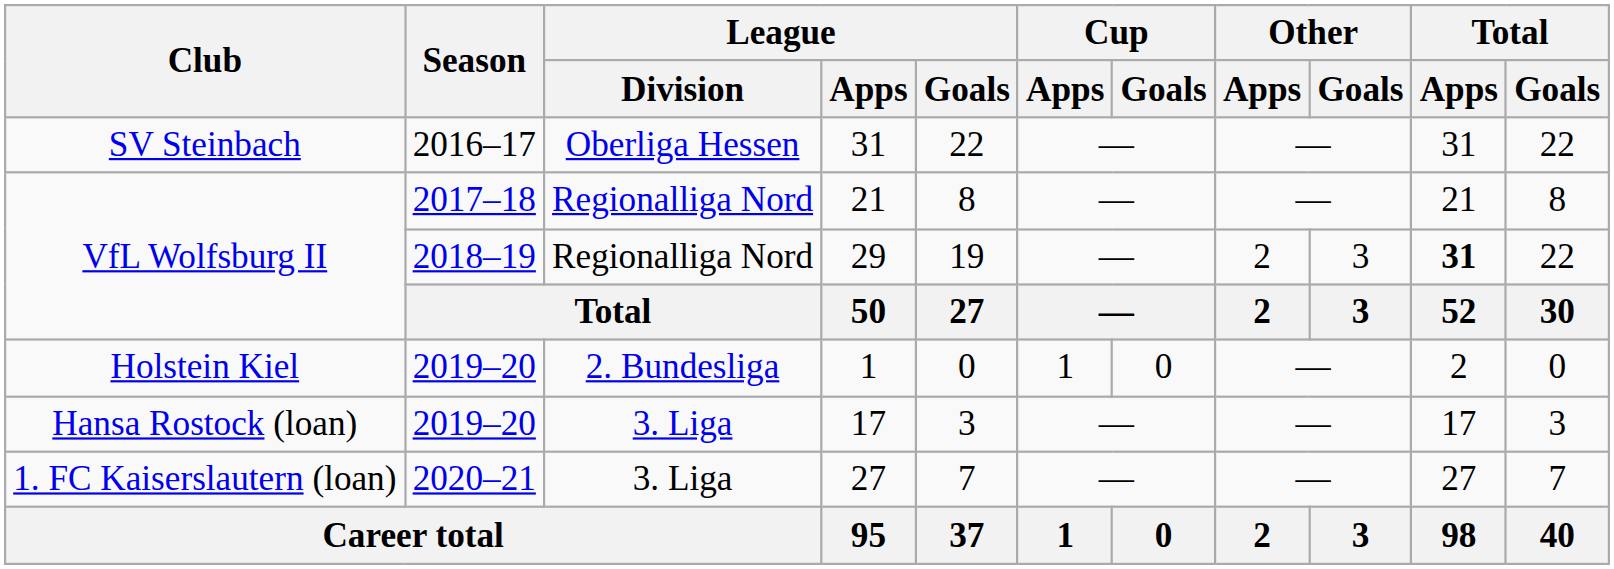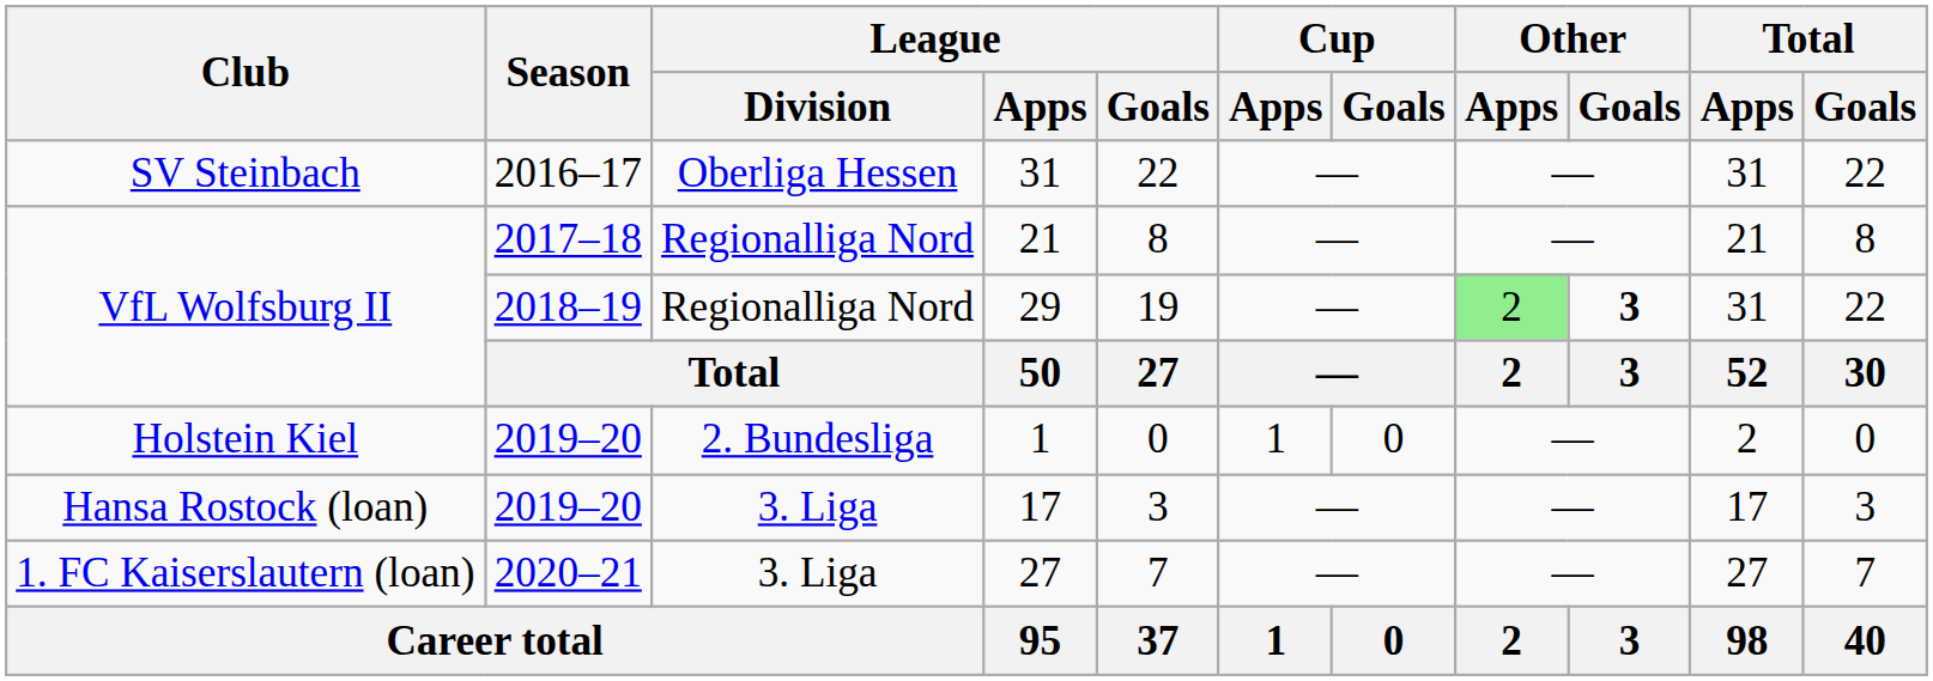 <table class="wikitable" Style="text-align: center">
 <tr>
 <th rowspan="2">Club</th>
 <th rowspan="2">Season</th>
 <th colspan="3">League</th>
 <th colspan="2">Cup</th>
 <th colspan="2">Other</th>
 <th colspan="2">Total</th>
 </tr>
 <tr>
 <th>Division</th>
 <th>Apps</th>
 <th>Goals</th>
 <th>Apps</th>
 <th>Goals</th>
 <th>Apps</th>
 <th>Goals</th>
 <th>Apps</th>
 <th>Goals</th>
 </tr>
 <tr>
 <td><a href='#'>SV Steinbach</a></td>
 <td>2016–17</td>
 <td><a href='#'>Oberliga Hessen</a></td>
 <td>31</td>
 <td>22</td>
 <td colspan="2">—</td>
 <td colspan="2">—</td>
 <td>31</td>
 <td>22</td>
 </tr>
 <tr>
 <td rowspan="3"><a href='#'>VfL Wolfsburg II</a></td>
 <td><a href='#'>2017–18</a></td>
 <td><a href='#'>Regionalliga Nord</a></td>
 <td>21</td>
 <td>8</td>
 <td colspan="2">—</td>
 <td colspan="2">—</td>
 <td>21</td>
 <td>8</td>
 </tr>
 <tr>
 <td><a href='#'>2018–19</a></td>
 <td>Regionalliga Nord</td>
 <td>29</td>
 <td>19</td>
 <td colspan="2">—</td>
-<td>2</td>
-<td>3</td>
-<td><strong>31</strong></td>
+<td style="background: lightgreen;">2</td>
+<td><strong>3</strong></td>
+<td>31</td>
 <td>22</td>
 </tr>
 <tr>
 <th colspan="2">Total</th>
 <th>50</th>
 <th>27</th>
 <th colspan="2">—</th>
 <th>2</th>
 <th>3</th>
 <th>52</th>
 <th>30</th>
 </tr>
 <tr>
 <td><a href='#'>Holstein Kiel</a></td>
 <td><a href='#'>2019–20</a></td>
 <td><a href='#'>2. Bundesliga</a></td>
 <td>1</td>
 <td>0</td>
 <td>1</td>
 <td>0</td>
 <td colspan="2">—</td>
 <td>2</td>
 <td>0</td>
 </tr>
 <tr>
 <td><a href='#'>Hansa Rostock</a> (loan)</td>
 <td><a href='#'>2019–20</a></td>
 <td><a href='#'>3. Liga</a></td>
 <td>17</td>
 <td>3</td>
 <td colspan="2">—</td>
 <td colspan="2">—</td>
 <td>17</td>
 <td>3</td>
 </tr>
 <tr>
 <td><a href='#'>1. FC Kaiserslautern</a> (loan)</td>
 <td><a href='#'>2020–21</a></td>
 <td>3. Liga</td>
 <td>27</td>
 <td>7</td>
 <td colspan="2">—</td>
 <td colspan="2">—</td>
 <td>27</td>
 <td>7</td>
 </tr>
 <tr>
 <th colspan="3">Career total</th>
 <th>95</th>
 <th>37</th>
 <th>1</th>
 <th>0</th>
 <th>2</th>
 <th>3</th>
 <th>98</th>
 <th>40</th>
 </tr>
 </table>
